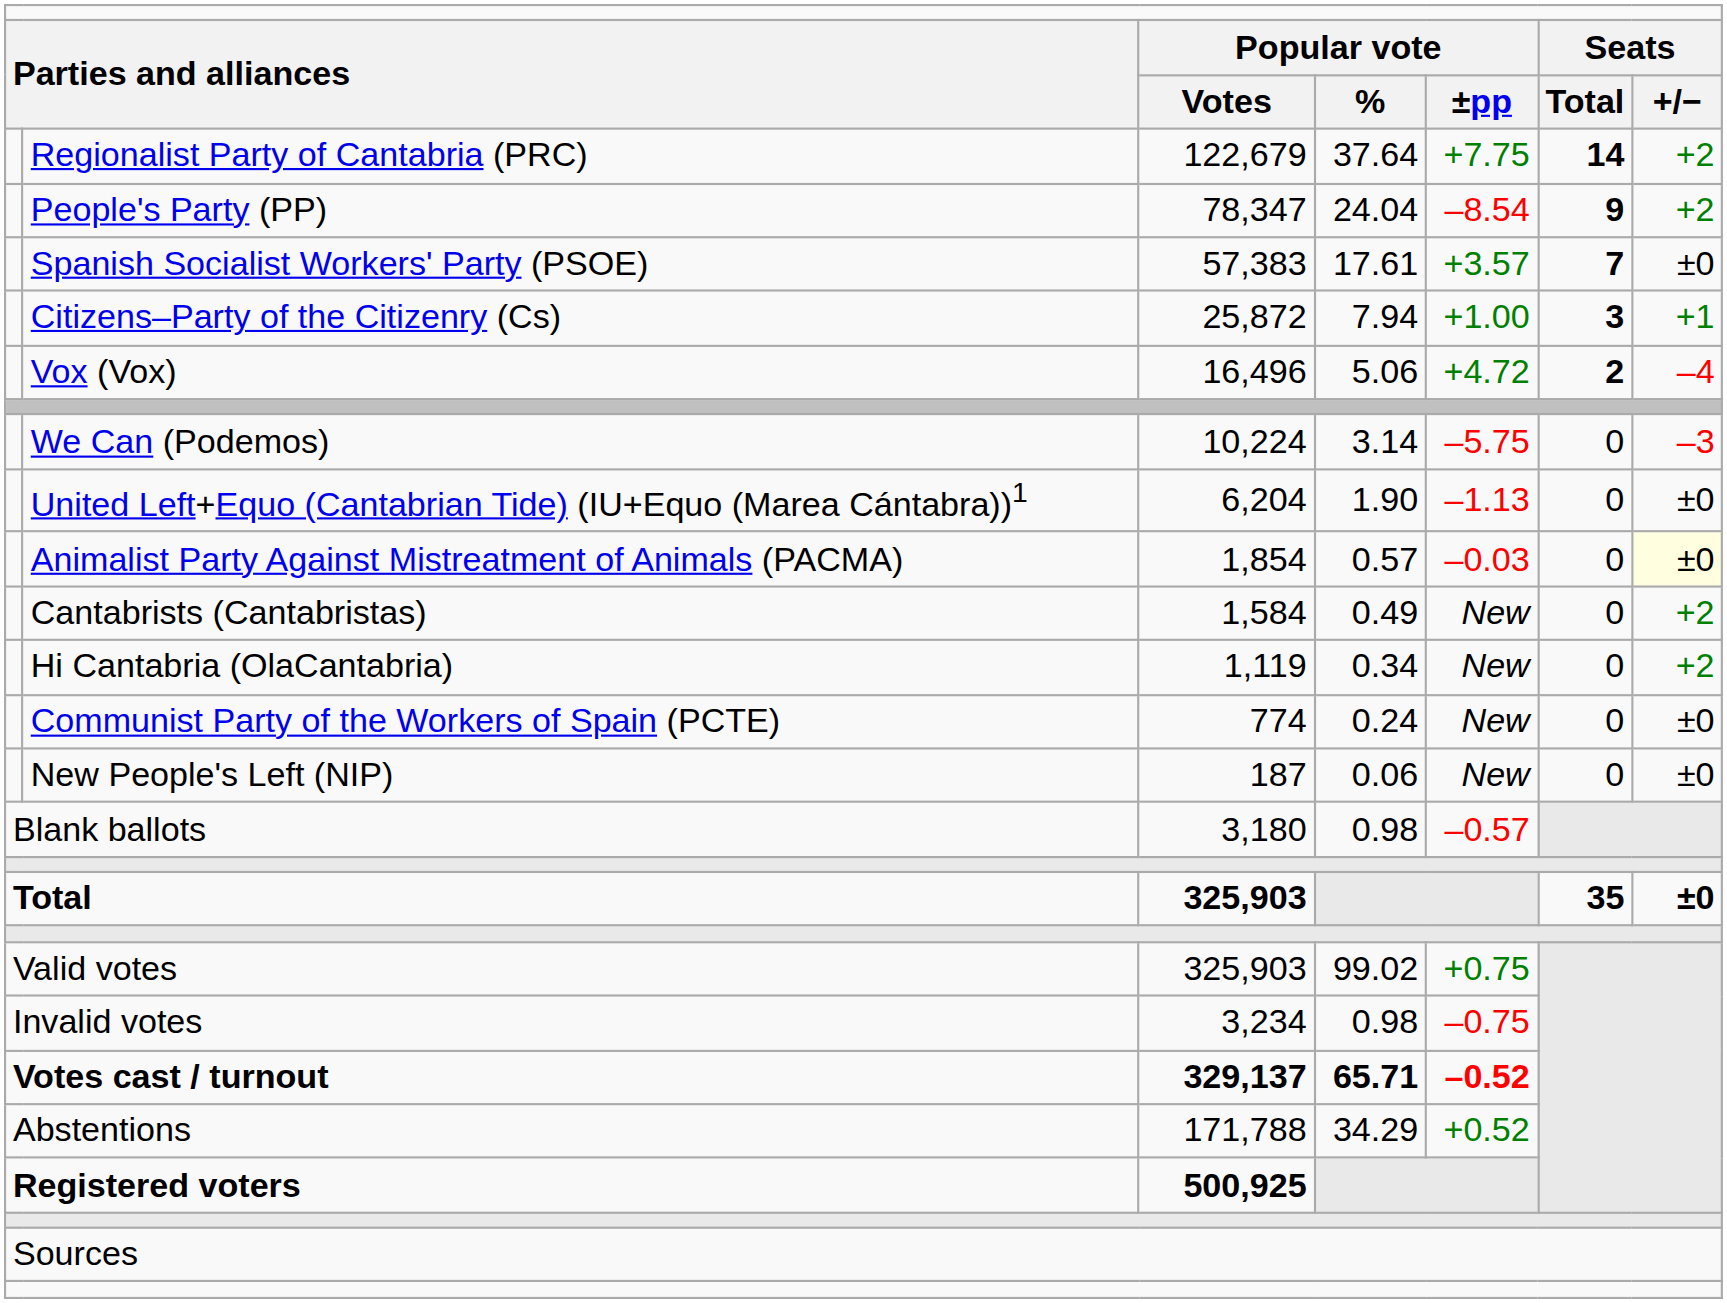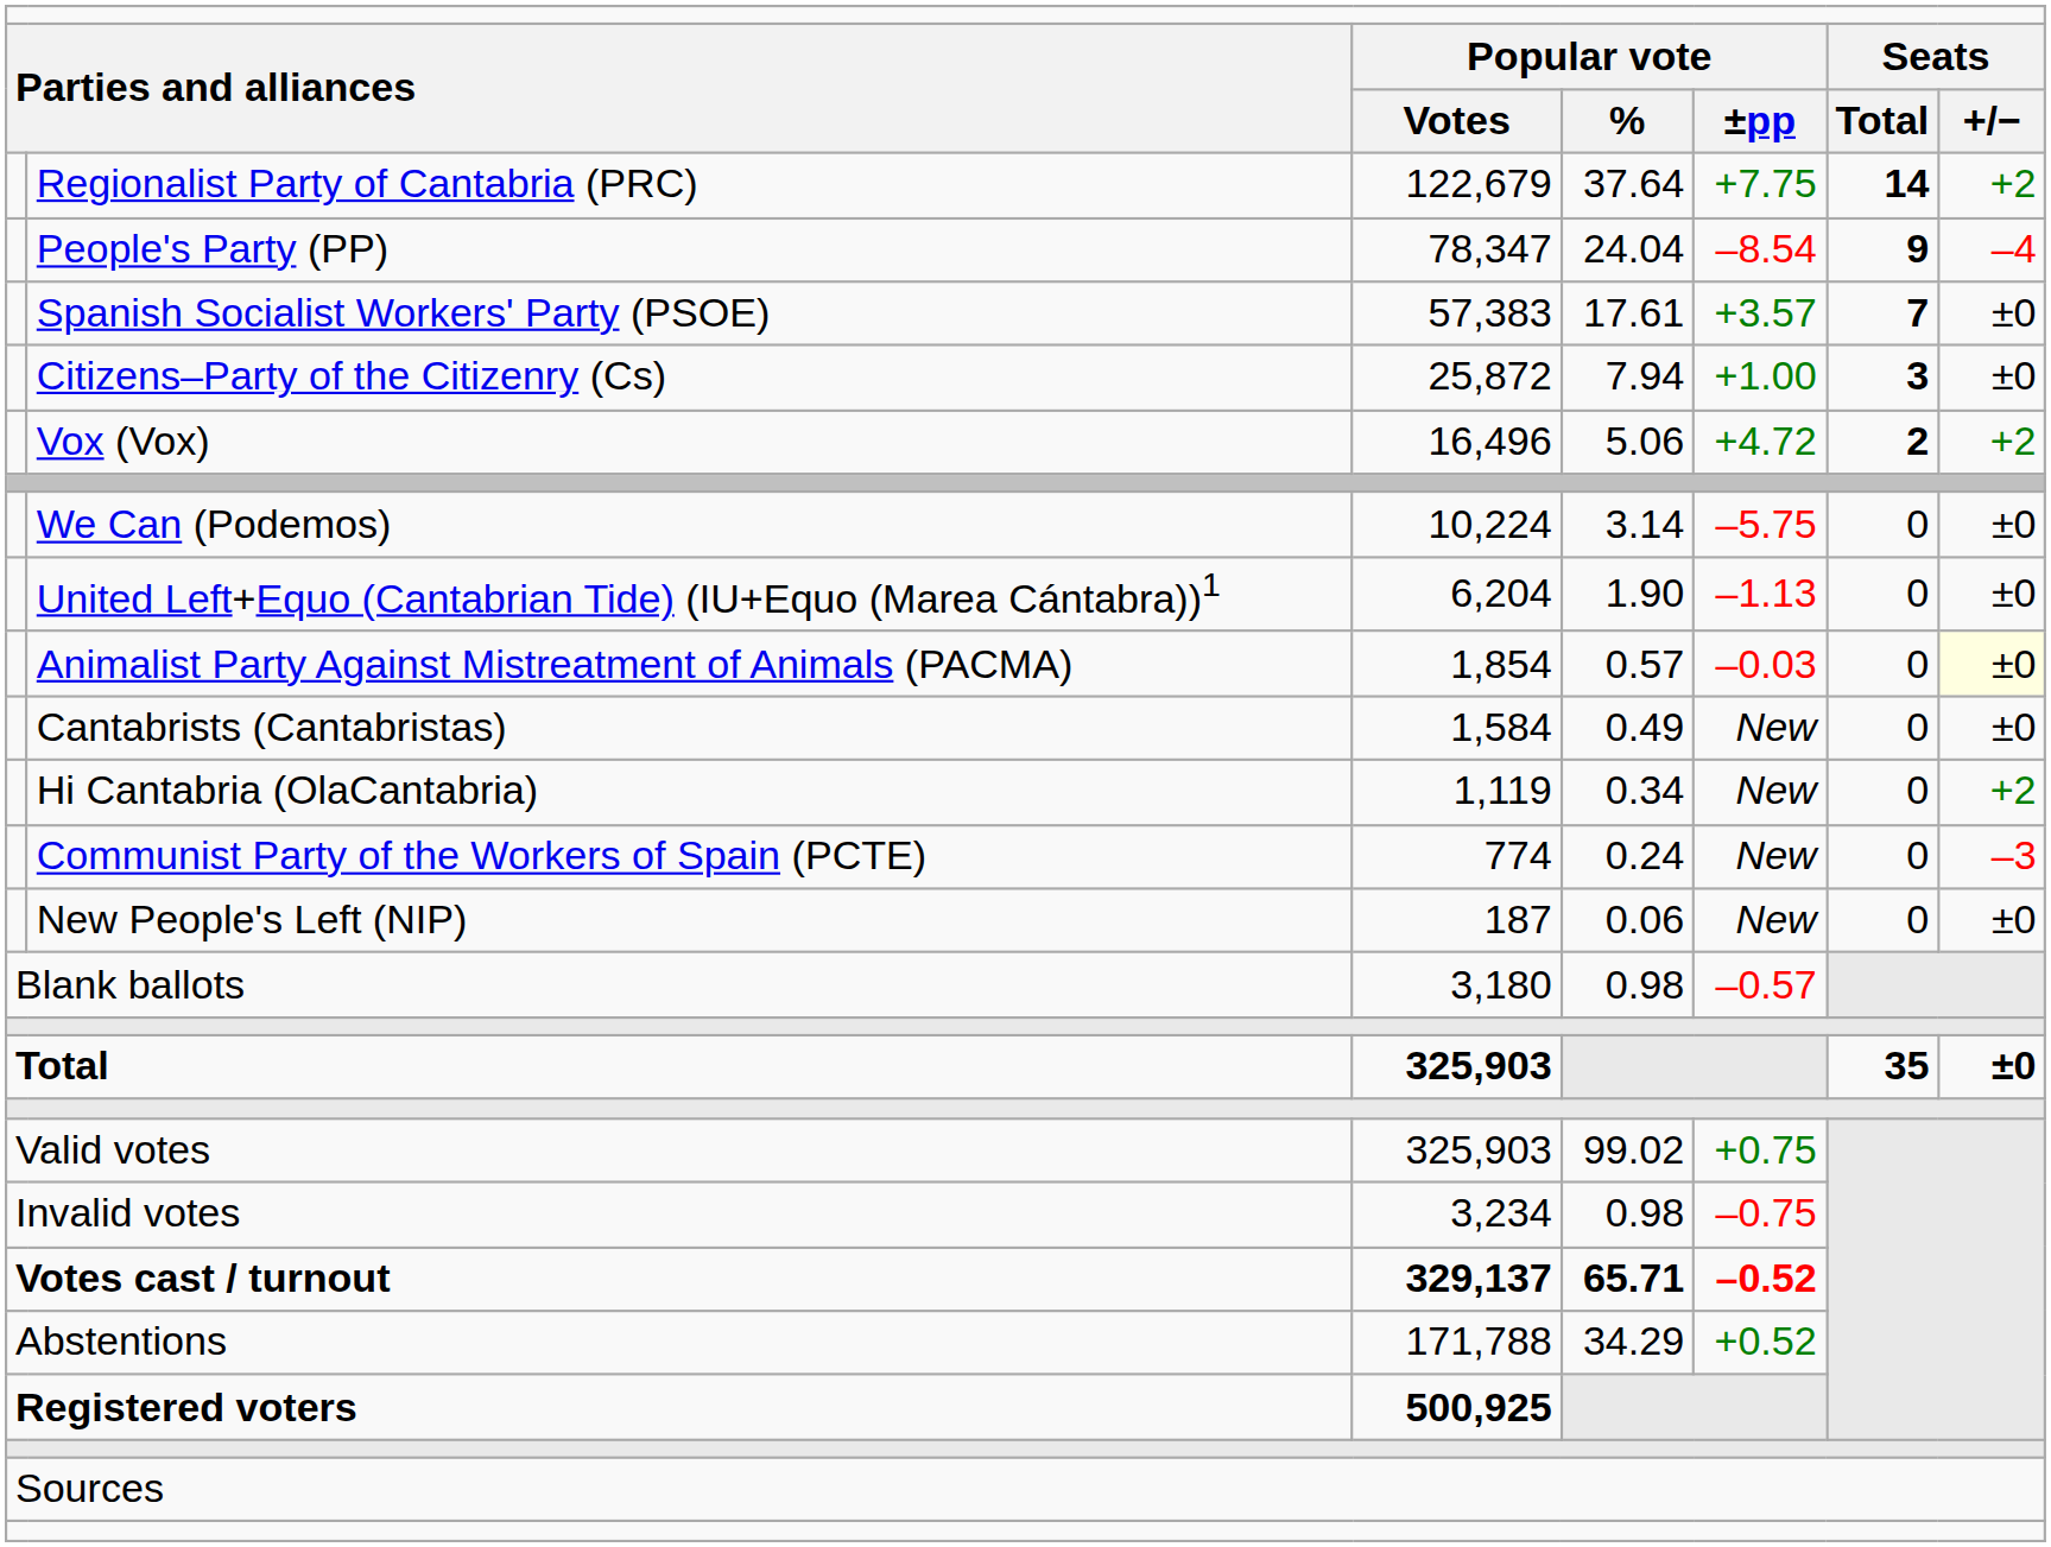 <table class="wikitable" style="text-align:right;">
 <tr>
 <td colspan="7"></td>
 </tr>
 <tr>
 <th style="text-align:left;" rowspan="2" colspan="2" width="525">Parties and alliances</th>
 <th colspan="3">Popular vote</th>
 <th colspan="2">Seats</th>
 </tr>
 <tr>
 <th width="75">Votes</th>
 <th width="45">%</th>
 <th width="45">±<a href='#'>pp</a></th>
 <th width="35">Total</th>
 <th width="35">+/−</th>
 </tr>
 <tr>
 <td width="1" style="color:inherit;background:"></td>
 <td align="left"><a href='#'>Regionalist Party of Cantabria</a> (PRC)</td>
 <td>122,679</td>
 <td>37.64</td>
 <td style="color:green;">+7.75</td>
 <td><strong>14</strong></td>
 <td style="color:green;">+2</td>
 </tr>
 <tr>
 <td style="color:inherit;background:"></td>
 <td align="left"><a href='#'>People's Party</a> (PP)</td>
 <td>78,347</td>
 <td>24.04</td>
 <td style="color:red;">–8.54</td>
 <td><strong>9</strong></td>
-<td style="color:green;">+2</td>
+<td style="color:red;">–4</td>
 </tr>
 <tr>
 <td style="color:inherit;background:"></td>
 <td align="left"><a href='#'>Spanish Socialist Workers' Party</a> (PSOE)</td>
 <td>57,383</td>
 <td>17.61</td>
 <td style="color:green;">+3.57</td>
 <td><strong>7</strong></td>
 <td>±0</td>
 </tr>
 <tr>
 <td style="color:inherit;background:"></td>
 <td align="left"><a href='#'>Citizens–Party of the Citizenry</a> (Cs)</td>
 <td>25,872</td>
 <td>7.94</td>
 <td style="color:green;">+1.00</td>
 <td><strong>3</strong></td>
-<td style="color:green;">+1</td>
+<td>±0</td>
 </tr>
 <tr>
 <td style="color:inherit;background:"></td>
 <td align="left"><a href='#'>Vox</a> (Vox)</td>
 <td>16,496</td>
 <td>5.06</td>
 <td style="color:green;">+4.72</td>
 <td><strong>2</strong></td>
-<td style="color:red;">–4</td>
+<td style="color:green;">+2</td>
 </tr>
 <tr>
 <td colspan="7" bgcolor="#C0C0C0"></td>
 </tr>
 <tr>
 <td style="color:inherit;background:"></td>
 <td align="left"><a href='#'>We Can</a> (Podemos)</td>
 <td>10,224</td>
 <td>3.14</td>
 <td style="color:red;">–5.75</td>
 <td>0</td>
-<td style="color:red;">–3</td>
+<td>±0</td>
 </tr>
 <tr>
 <td style="color:inherit;background:"></td>
 <td align="left"><a href='#'>United Left</a>+<a href='#'>Equo (Cantabrian Tide)</a> (IU+Equo (Marea Cántabra))<sup>1</sup></td>
 <td>6,204</td>
 <td>1.90</td>
 <td style="color:red;">–1.13</td>
 <td>0</td>
 <td>±0</td>
 </tr>
 <tr>
 <td style="color:inherit;background:"></td>
 <td align="left"><a href='#'>Animalist Party Against Mistreatment of Animals</a> (PACMA)</td>
 <td>1,854</td>
 <td>0.57</td>
 <td style="color:red;">–0.03</td>
 <td>0</td>
 <td style="background: lightyellow;">±0</td>
 </tr>
 <tr>
 <td style="color:inherit;background:"></td>
 <td align="left">Cantabrists (Cantabristas)</td>
 <td>1,584</td>
 <td>0.49</td>
 <td><em>New</em></td>
 <td>0</td>
-<td style="color:green;">+2</td>
+<td>±0</td>
 </tr>
 <tr>
 <td style="color:inherit;background:"></td>
 <td align="left">Hi Cantabria (OlaCantabria)</td>
 <td>1,119</td>
 <td>0.34</td>
 <td><em>New</em></td>
 <td>0</td>
 <td style="color:green;">+2</td>
 </tr>
 <tr>
 <td style="color:inherit;background:"></td>
 <td align="left"><a href='#'>Communist Party of the Workers of Spain</a> (PCTE)</td>
 <td>774</td>
 <td>0.24</td>
 <td><em>New</em></td>
 <td>0</td>
-<td>±0</td>
+<td style="color:red;">–3</td>
 </tr>
 <tr>
 <td style="color:inherit;background:"></td>
 <td align="left">New People's Left (NIP)</td>
 <td>187</td>
 <td>0.06</td>
 <td><em>New</em></td>
 <td>0</td>
 <td>±0</td>
 </tr>
 <tr>
 <td align="left" colspan="2">Blank ballots</td>
 <td>3,180</td>
 <td>0.98</td>
 <td style="color:red;">–0.57</td>
 <td bgcolor="#E9E9E9" colspan="2"></td>
 </tr>
 <tr>
 <td colspan="7" bgcolor="#E9E9E9"></td>
 </tr>
 <tr style="font-weight:bold;">
 <td align="left" colspan="2">Total</td>
 <td>325,903</td>
 <td bgcolor="#E9E9E9" colspan="2"></td>
 <td>35</td>
 <td>±0</td>
 </tr>
 <tr>
 <td colspan="7" bgcolor="#E9E9E9"></td>
 </tr>
 <tr>
 <td align="left" colspan="2">Valid votes</td>
 <td>325,903</td>
 <td>99.02</td>
 <td style="color:green;">+0.75</td>
 <td bgcolor="#E9E9E9" colspan="2" rowspan="5"></td>
 </tr>
 <tr>
 <td align="left" colspan="2">Invalid votes</td>
 <td>3,234</td>
 <td>0.98</td>
 <td style="color:red;">–0.75</td>
 </tr>
 <tr style="font-weight:bold;">
 <td align="left" colspan="2">Votes cast / turnout</td>
 <td>329,137</td>
 <td>65.71</td>
 <td style="color:red;">–0.52</td>
 </tr>
 <tr>
 <td align="left" colspan="2">Abstentions</td>
 <td>171,788</td>
 <td>34.29</td>
 <td style="color:green;">+0.52</td>
 </tr>
 <tr style="font-weight:bold;">
 <td align="left" colspan="2">Registered voters</td>
 <td>500,925</td>
 <td bgcolor="#E9E9E9" colspan="2"></td>
 </tr>
 <tr>
 <td colspan="7" bgcolor="#E9E9E9"></td>
 </tr>
 <tr>
 <td align="left" colspan="7">Sources</td>
 </tr>
 <tr>
 <td colspan="7" style="text-align:left; max-width:790px;"></td>
 </tr>
 </table>
